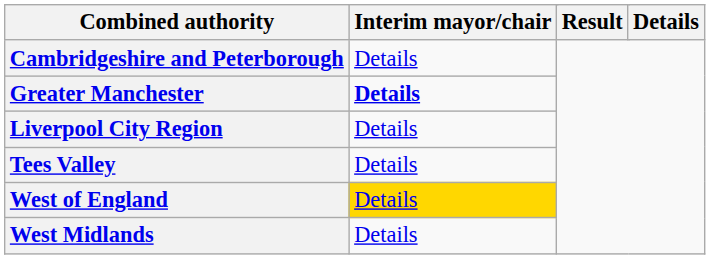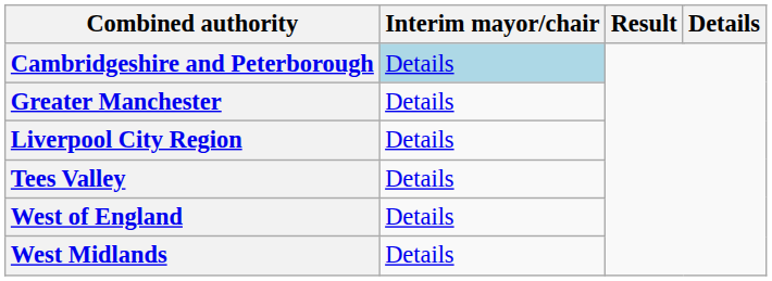 <table class="wikitable">
 <tr>
 <th scope="col">Combined authority</th>
 <th scope="col" colspan=2>Interim mayor/chair</th>
 <th scope="col" colspan=2>Result</th>
 <th scope="col">Details</th>
 </tr>
 <tr>
 <th scope="row" style="text-align: left;"><a href='#'>Cambridgeshire and Peterborough</a><br> </th>
-<td><a href='#'>Details</a></td>
+<td style="background: lightblue;"><a href='#'>Details</a></td>
 </tr>
 <tr>
 <th scope="row" style="text-align: left;"><a href='#'>Greater Manchester</a><br> </th>
-<td><strong><a href='#'>Details</a></strong></td>
+<td><a href='#'>Details</a></td>
 </tr>
 <tr>
 <th scope="row" style="text-align: left;"><a href='#'>Liverpool City Region</a><br> </th>
 <td><a href='#'>Details</a></td>
 </tr>
 <tr>
 <th scope="row" style="text-align: left;"><a href='#'>Tees Valley</a><br> </th>
 <td><a href='#'>Details</a></td>
 </tr>
 <tr>
 <th scope="row" style="text-align: left;"><a href='#'>West of England</a><br> </th>
-<td style="background: gold;"><a href='#'>Details</a></td>
+<td><a href='#'>Details</a></td>
 </tr>
 <tr>
 <th scope="row" style="text-align: left;"><a href='#'>West Midlands</a><br> </th>
 <td><a href='#'>Details</a></td>
 </tr>
 </table>
